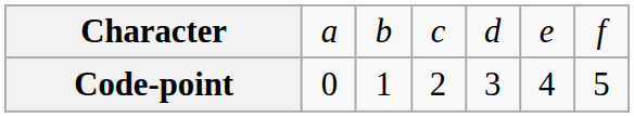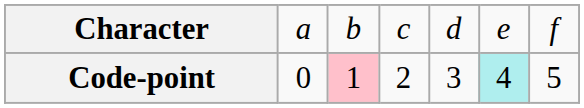 <table class="wikitable" style="width:300px;">
 <tr align=center>
 <th>Character</th>
 <td><em>a</em></td>
 <td><em>b</em></td>
 <td><em>c</em></td>
 <td><em>d</em></td>
 <td><em>e</em></td>
 <td><em>f</em></td>
 </tr>
 <tr align=center>
 <th>Code-point</th>
 <td>0</td>
-<td>1</td>
+<td style="background: pink;">1</td>
 <td>2</td>
 <td>3</td>
-<td>4</td>
+<td style="background: paleturquoise;">4</td>
 <td>5</td>
 </tr>
 </table>
